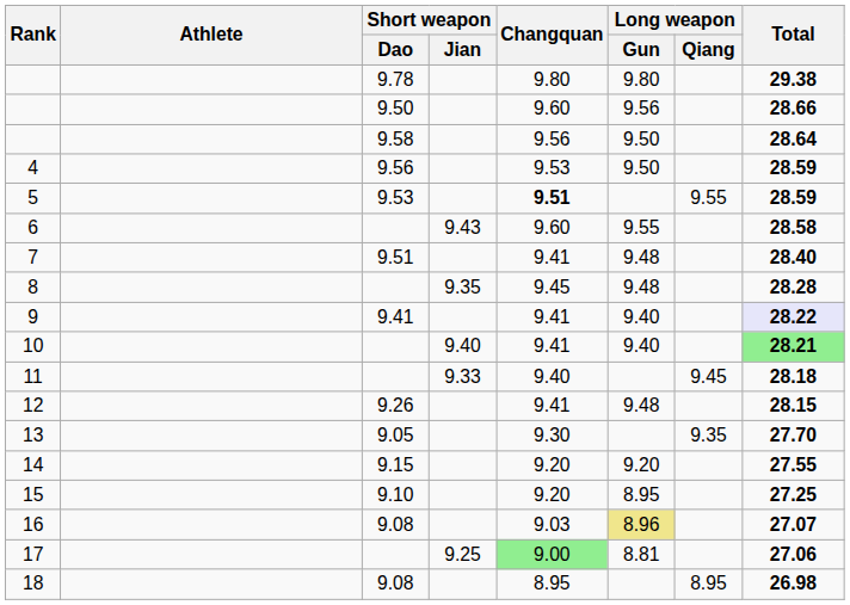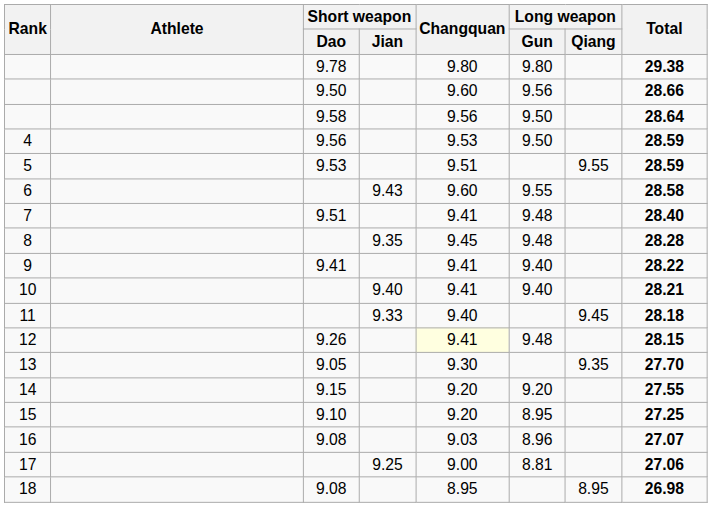 <table class=wikitable style="text-align:center">
 <tr>
 <th rowspan=2 width=40>Rank</th>
 <th rowspan=2 width=250>Athlete</th>
 <th colspan=2>Short weapon</th>
 <th rowspan=2 width=80>Changquan</th>
 <th colspan=2>Long weapon</th>
 <th rowspan=2 width=80>Total</th>
 </tr>
 <tr>
 <th width=50>Dao</th>
 <th width=50>Jian</th>
 <th width=50>Gun</th>
 <th width=50>Qiang</th>
 </tr>
 <tr>
 <td></td>
 <td align=left></td>
 <td>9.78</td>
 <td></td>
 <td>9.80</td>
 <td>9.80</td>
 <td></td>
 <td><strong>29.38</strong></td>
 </tr>
 <tr>
 <td></td>
 <td align=left></td>
 <td>9.50</td>
 <td></td>
 <td>9.60</td>
 <td>9.56</td>
 <td></td>
 <td><strong>28.66</strong></td>
 </tr>
 <tr>
 <td></td>
 <td align=left></td>
 <td>9.58</td>
 <td></td>
 <td>9.56</td>
 <td>9.50</td>
 <td></td>
 <td><strong>28.64</strong></td>
 </tr>
 <tr>
 <td>4</td>
 <td align=left></td>
 <td>9.56</td>
 <td></td>
 <td>9.53</td>
 <td>9.50</td>
 <td></td>
 <td><strong>28.59</strong></td>
 </tr>
 <tr>
 <td>5</td>
 <td align=left></td>
 <td>9.53</td>
 <td></td>
-<td><strong>9.51</strong></td>
+<td>9.51</td>
 <td></td>
 <td>9.55</td>
 <td><strong>28.59</strong></td>
 </tr>
 <tr>
 <td>6</td>
 <td align=left></td>
 <td></td>
 <td>9.43</td>
 <td>9.60</td>
 <td>9.55</td>
 <td></td>
 <td><strong>28.58</strong></td>
 </tr>
 <tr>
 <td>7</td>
 <td align=left></td>
 <td>9.51</td>
 <td></td>
 <td>9.41</td>
 <td>9.48</td>
 <td></td>
 <td><strong>28.40</strong></td>
 </tr>
 <tr>
 <td>8</td>
 <td align=left></td>
 <td></td>
 <td>9.35</td>
 <td>9.45</td>
 <td>9.48</td>
 <td></td>
 <td><strong>28.28</strong></td>
 </tr>
 <tr>
 <td>9</td>
 <td align=left></td>
 <td>9.41</td>
 <td></td>
 <td>9.41</td>
 <td>9.40</td>
 <td></td>
-<td style="background: lavender;"><strong>28.22</strong></td>
+<td><strong>28.22</strong></td>
 </tr>
 <tr>
 <td>10</td>
 <td align=left></td>
 <td></td>
 <td>9.40</td>
 <td>9.41</td>
 <td>9.40</td>
 <td></td>
-<td style="background: lightgreen;"><strong>28.21</strong></td>
+<td><strong>28.21</strong></td>
 </tr>
 <tr>
 <td>11</td>
 <td align=left></td>
 <td></td>
 <td>9.33</td>
 <td>9.40</td>
 <td></td>
 <td>9.45</td>
 <td><strong>28.18</strong></td>
 </tr>
 <tr>
 <td>12</td>
 <td align=left></td>
 <td>9.26</td>
 <td></td>
-<td>9.41</td>
+<td style="background: lightyellow;">9.41</td>
 <td>9.48</td>
 <td></td>
 <td><strong>28.15</strong></td>
 </tr>
 <tr>
 <td>13</td>
 <td align=left></td>
 <td>9.05</td>
 <td></td>
 <td>9.30</td>
 <td></td>
 <td>9.35</td>
 <td><strong>27.70</strong></td>
 </tr>
 <tr>
 <td>14</td>
 <td align=left></td>
 <td>9.15</td>
 <td></td>
 <td>9.20</td>
 <td>9.20</td>
 <td></td>
 <td><strong>27.55</strong></td>
 </tr>
 <tr>
 <td>15</td>
 <td align=left></td>
 <td>9.10</td>
 <td></td>
 <td>9.20</td>
 <td>8.95</td>
 <td></td>
 <td><strong>27.25</strong></td>
 </tr>
 <tr>
 <td>16</td>
 <td align=left></td>
 <td>9.08</td>
 <td></td>
 <td>9.03</td>
-<td style="background: khaki;">8.96</td>
+<td>8.96</td>
 <td></td>
 <td><strong>27.07</strong></td>
 </tr>
 <tr>
 <td>17</td>
 <td align=left></td>
 <td></td>
 <td>9.25</td>
-<td style="background: lightgreen;">9.00</td>
+<td>9.00</td>
 <td>8.81</td>
 <td></td>
 <td><strong>27.06</strong></td>
 </tr>
 <tr>
 <td>18</td>
 <td align=left></td>
 <td>9.08</td>
 <td></td>
 <td>8.95</td>
 <td></td>
 <td>8.95</td>
 <td><strong>26.98</strong></td>
 </tr>
 </table>
